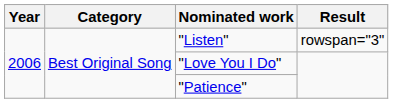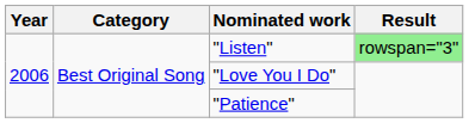 <table class="wikitable" style="font-size:90%;">
 <tr style="background:#ccc; text-align:center;">
 <th>Year</th>
 <th>Category</th>
 <th>Nominated work</th>
 <th>Result</th>
 </tr>
 <tr>
 <td rowspan="3"><a href='#'>2006</a></td>
 <td rowspan="3"><a href='#'>Best Original Song</a></td>
 <td>"<a href='#'>Listen</a>"</td>
-<td>rowspan="3" </td>
+<td style="background: lightgreen;">rowspan="3" </td>
 </tr>
 <tr>
 <td>"<a href='#'>Love You I Do</a>"</td>
 </tr>
 <tr>
 <td>"<a href='#'>Patience</a>"</td>
 </tr>
 </table>
